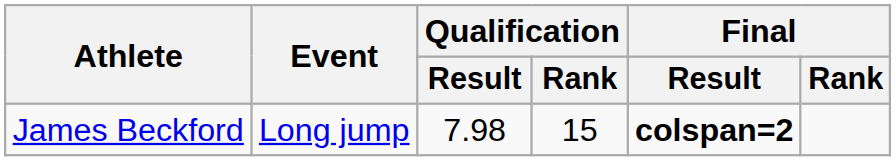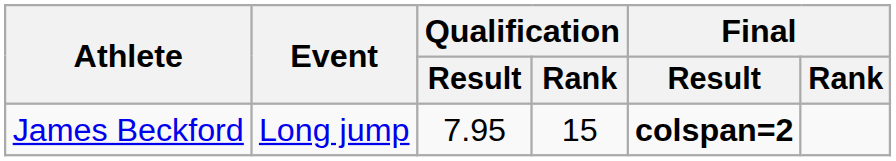 <table class=wikitable style=font-size:90%;text-align:center>
 <tr>
 <th rowspan=2>Athlete</th>
 <th rowspan=2>Event</th>
 <th colspan=2>Qualification</th>
 <th colspan=2>Final</th>
 </tr>
 <tr style=font-size:95%>
 <th>Result</th>
 <th>Rank</th>
 <th>Result</th>
 <th>Rank</th>
 </tr>
 <tr>
 <td align=left><a href='#'>James Beckford</a></td>
 <td align=left><a href='#'>Long jump</a></td>
-<td>7.98</td>
+<td>7.95</td>
 <td>15</td>
 <td><strong>colspan=2 </strong></td>
 </tr>
 </table>
